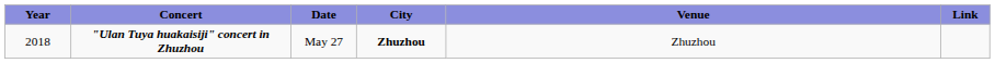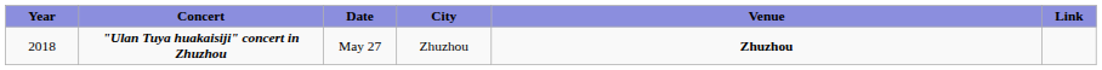 <table class="wikitable sortable mw-collapsible" width="80%" style="text-align:center">
 <tr align="center" style="background:#8B8EDE">
 <td style="width:2%"><strong>Year</strong></td>
 <td style="width:8%"><strong>Concert</strong></td>
 <td style="width:2%"><strong>Date</strong></td>
 <td style="width:2%"><strong>City</strong></td>
 <td style="width:18%"><strong>Venue</strong></td>
 <td style="width:1%"><strong>Link</strong></td>
 </tr>
 <tr>
 <td rowspan="2">2018</td>
 <td rowspan="2"><strong><em>"Ulan Tuya huakaisiji" concert in Zhuzhou</em></strong></td>
 <td>May 27</td>
+<td>Zhuzhou</td>
 <td><strong>Zhuzhou</strong></td>
-<td>Zhuzhou</td>
 <td></td>
 </tr>
 </table>
